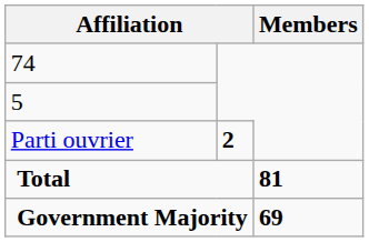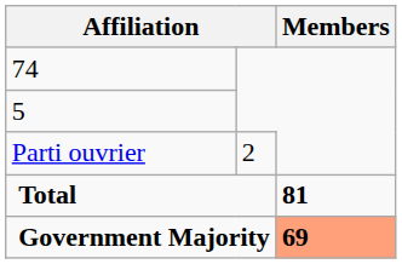 <table class="wikitable">
 <tr>
 <th colspan="2">Affiliation</th>
 <th>Members</th>
 </tr>
 <tr>
 <td>74</td>
 </tr>
 <tr>
 <td>5</td>
 </tr>
 <tr>
 <td align=left><a href='#'>Parti ouvrier</a></td>
-<td><strong>2</strong></td>
+<td>2</td>
 </tr>
 <tr>
 <td colspan="2" rowspan="1" align=left> <strong>Total</strong><br></td>
 <td><strong>81</strong></td>
 </tr>
 <tr>
 <td colspan="2" rowspan="1" align=left> <strong>Government Majority</strong><br></td>
-<td><strong>69</strong></td>
+<td style="background: lightsalmon;"><strong>69</strong></td>
 </tr>
 </table>
